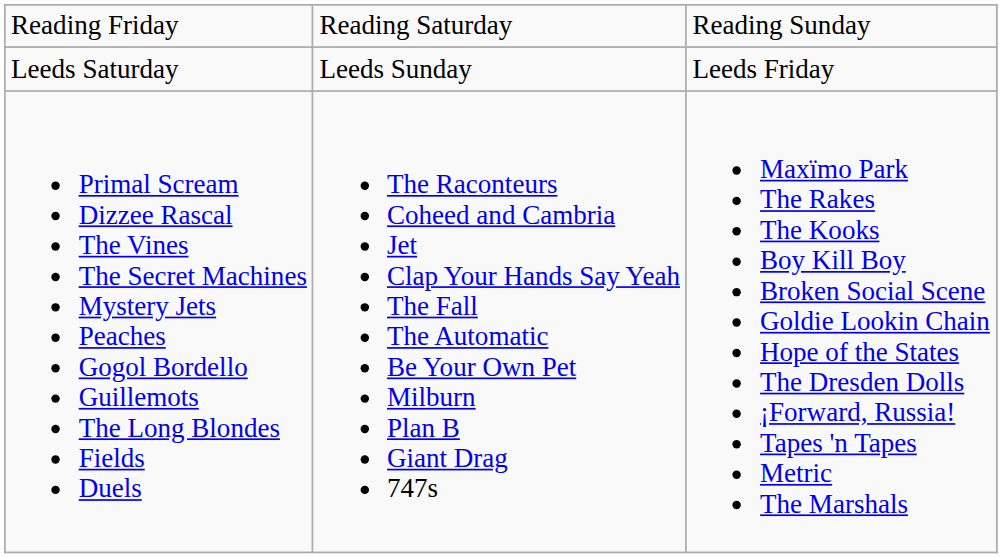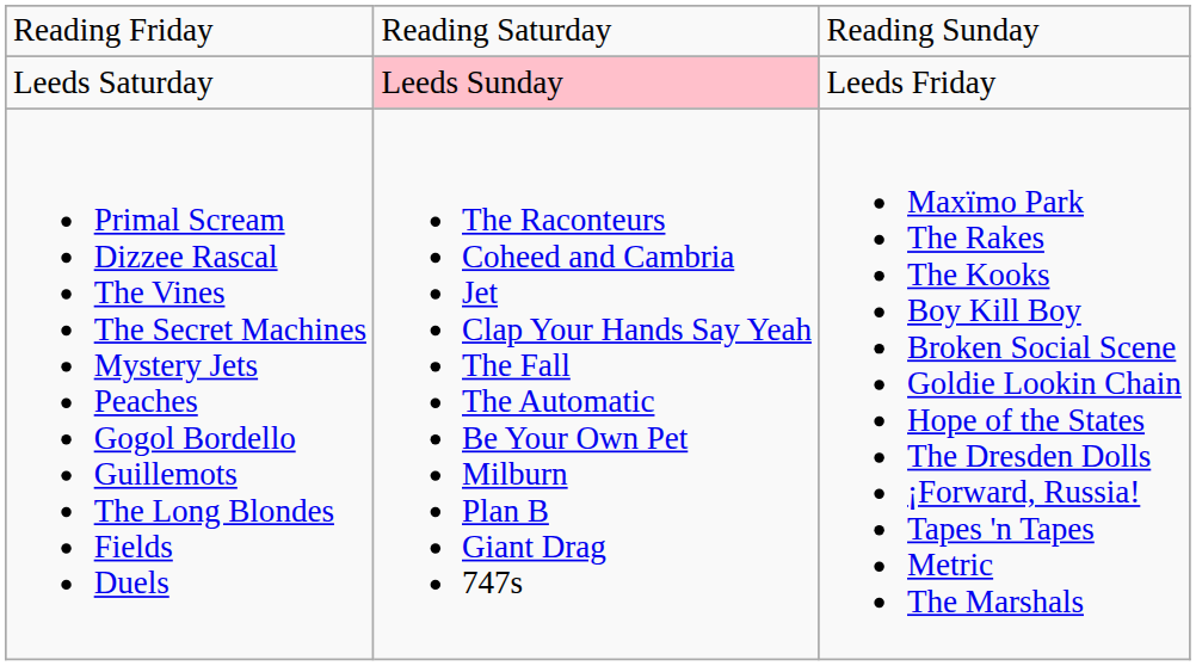 <table class="wikitable">
 <tr>
 <td>Reading Friday</td>
 <td>Reading Saturday</td>
 <td>Reading Sunday</td>
 </tr>
 <tr>
 <td>Leeds Saturday</td>
-<td>Leeds Sunday</td>
+<td style="background: pink;">Leeds Sunday</td>
 <td>Leeds Friday</td>
 </tr>
 <tr>
 <td><br><ul><li><a href='#'>Primal Scream</a></li><li><a href='#'>Dizzee Rascal</a></li><li><a href='#'>The Vines</a></li><li><a href='#'>The Secret Machines</a></li><li><a href='#'>Mystery Jets</a></li><li><a href='#'>Peaches</a></li><li><a href='#'>Gogol Bordello</a></li><li><a href='#'>Guillemots</a></li><li><a href='#'>The Long Blondes</a></li><li><a href='#'>Fields</a></li><li><a href='#'>Duels</a></li></ul></td>
 <td><br><ul><li><a href='#'>The Raconteurs</a></li><li><a href='#'>Coheed and Cambria</a></li><li><a href='#'>Jet</a></li><li><a href='#'>Clap Your Hands Say Yeah</a></li><li><a href='#'>The Fall</a></li><li><a href='#'>The Automatic</a></li><li><a href='#'>Be Your Own Pet</a></li><li><a href='#'>Milburn</a></li><li><a href='#'>Plan B</a></li><li><a href='#'>Giant Drag</a></li><li>747s</li></ul></td>
 <td><br><ul><li><a href='#'>Maxïmo Park</a></li><li><a href='#'>The Rakes</a></li><li><a href='#'>The Kooks</a></li><li><a href='#'>Boy Kill Boy</a></li><li><a href='#'>Broken Social Scene</a></li><li><a href='#'>Goldie Lookin Chain</a></li><li><a href='#'>Hope of the States</a></li><li><a href='#'>The Dresden Dolls</a></li><li><a href='#'>¡Forward, Russia!</a></li><li><a href='#'>Tapes 'n Tapes</a></li><li><a href='#'>Metric</a></li><li><a href='#'>The Marshals</a></li></ul></td>
 </tr>
 </table>
